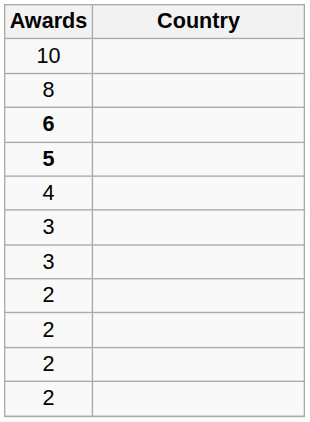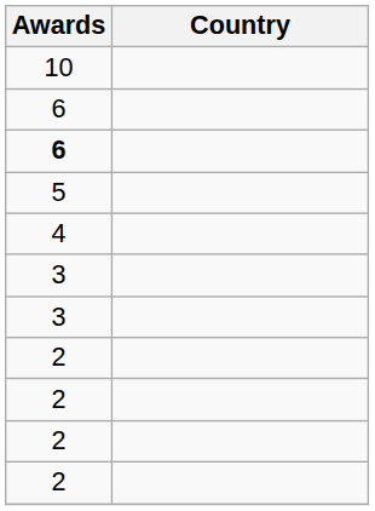 <table class="wikitable" style="text-align:center;">
 <tr>
 <th scope="col" width="50">Awards</th>
 <th scope="col" width="150">Country</th>
 </tr>
 <tr>
 <td>10</td>
 <td></td>
 </tr>
 <tr>
-<td>8</td>
+<td>6</td>
 <td></td>
 </tr>
 <tr>
 <td><strong>6</strong></td>
 <td></td>
 </tr>
 <tr>
-<td><strong>5</strong></td>
+<td>5</td>
 <td></td>
 </tr>
 <tr>
 <td>4</td>
 <td></td>
 </tr>
 <tr>
 <td>3</td>
 <td></td>
 </tr>
 <tr>
 <td>3</td>
 <td></td>
 </tr>
 <tr>
 <td>2</td>
 <td></td>
 </tr>
 <tr>
 <td>2</td>
 <td></td>
 </tr>
 <tr>
 <td>2</td>
 <td></td>
 </tr>
 <tr>
 <td>2</td>
 <td></td>
 </tr>
 <tr>
 </tr>
 </table>
